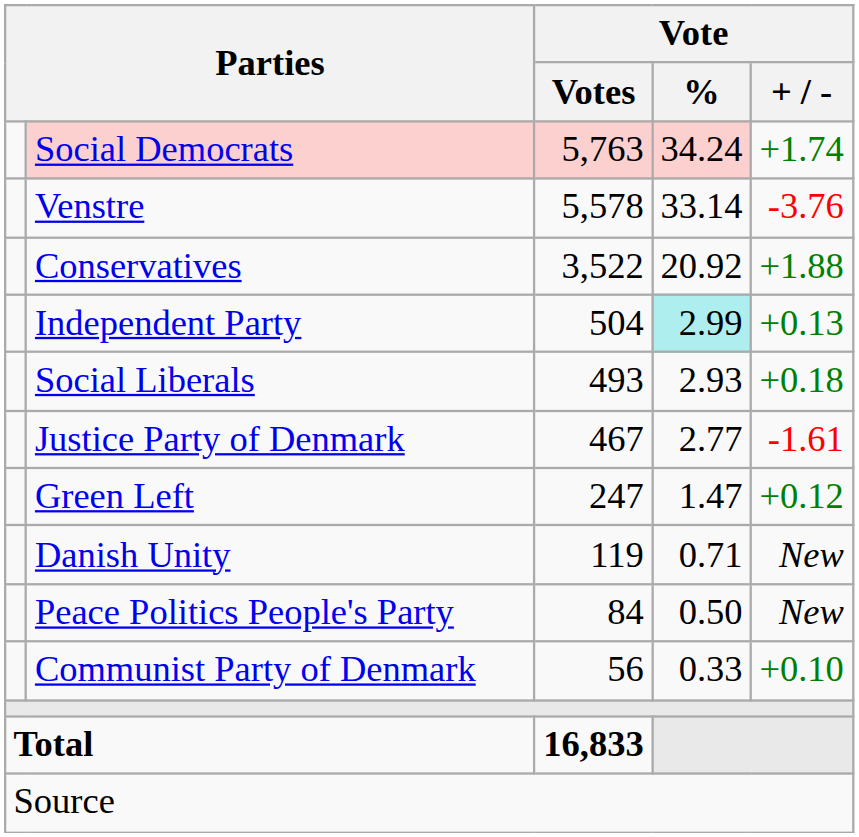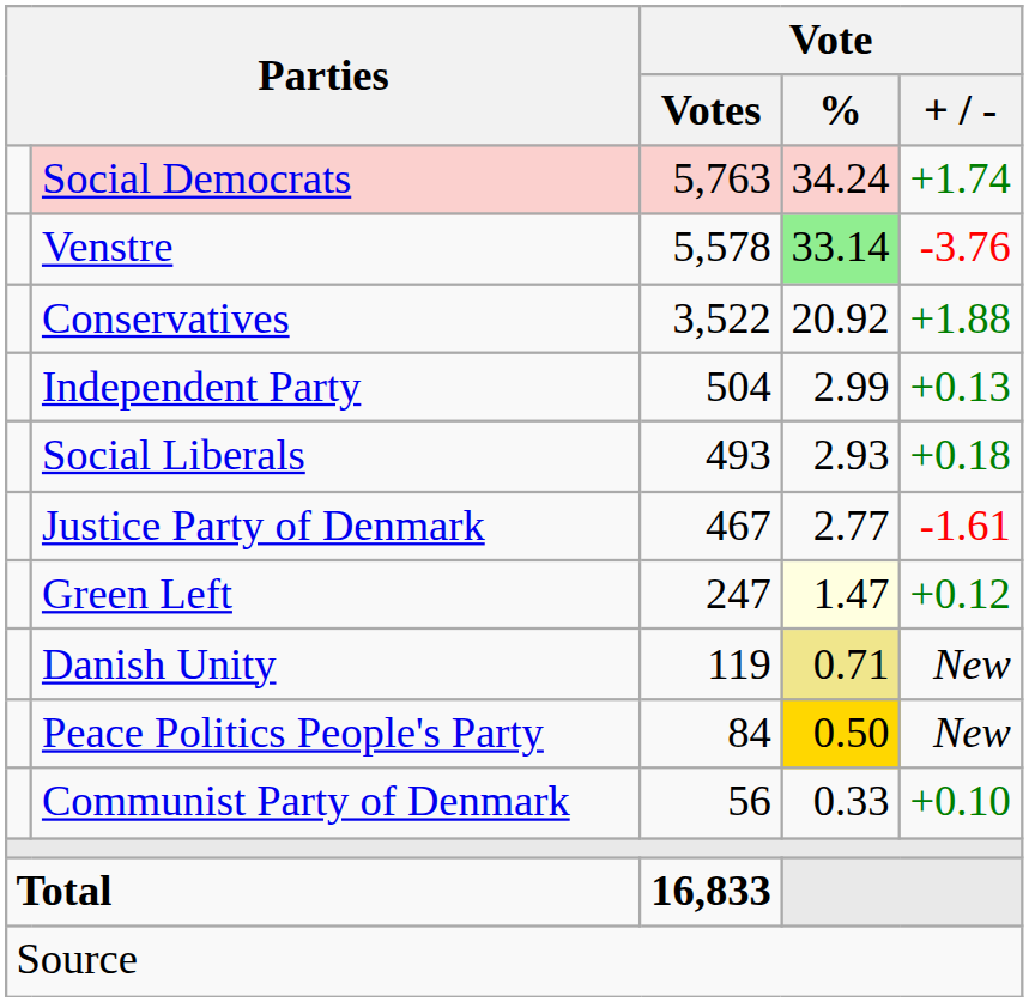 <table class="wikitable" style="text-align:right;">
 <tr>
 <th style="text-align:centre;" rowspan="2" colspan="2" width="225">Parties</th>
 <th colspan="3">Vote</th>
 </tr>
 <tr>
 <th width="15">Votes</th>
 <th width="15">%</th>
 <th width="15">+ / -</th>
 </tr>
 <tr>
 <td width="2" style="color:inherit;background:"></td>
 <td bgcolor=#fbd0ce  align="left"><a href='#'>Social Democrats</a></td>
 <td bgcolor=#fbd0ce>5,763</td>
 <td bgcolor=#fbd0ce>34.24</td>
 <td style=color:green;>+1.74</td>
 </tr>
 <tr>
 <td width="2" style="color:inherit;background:"></td>
 <td align="left"><a href='#'>Venstre</a></td>
 <td>5,578</td>
-<td>33.14</td>
+<td style="background: lightgreen;">33.14</td>
 <td style=color:red;>-3.76</td>
 </tr>
 <tr>
 <td width="2" style="color:inherit;background:"></td>
 <td align="left"><a href='#'>Conservatives</a></td>
 <td>3,522</td>
 <td>20.92</td>
 <td style=color:green;>+1.88</td>
 </tr>
 <tr>
 <td width="2" style="color:inherit;background:"></td>
 <td align="left"><a href='#'>Independent Party</a></td>
 <td>504</td>
-<td style="background: paleturquoise;">2.99</td>
+<td>2.99</td>
 <td style=color:green;>+0.13</td>
 </tr>
 <tr>
 <td width="2" style="color:inherit;background:"></td>
 <td align="left"><a href='#'>Social Liberals</a></td>
 <td>493</td>
 <td>2.93</td>
 <td style=color:green;>+0.18</td>
 </tr>
 <tr>
 <td width="2" style="color:inherit;background:"></td>
 <td align="left"><a href='#'>Justice Party of Denmark</a></td>
 <td>467</td>
 <td>2.77</td>
 <td style=color:red;>-1.61</td>
 </tr>
 <tr>
 <td width="2" style="color:inherit;background:"></td>
 <td align="left"><a href='#'>Green Left</a></td>
 <td>247</td>
-<td>1.47</td>
+<td style="background: lightyellow;">1.47</td>
 <td style=color:green;>+0.12</td>
 </tr>
 <tr>
 <td width="2" style="color:inherit;background:"></td>
 <td align="left"><a href='#'>Danish Unity</a></td>
 <td>119</td>
-<td>0.71</td>
+<td style="background: khaki;">0.71</td>
 <td><em>New</em></td>
 </tr>
 <tr>
 <td width="2" style="color:inherit;background:"></td>
 <td align="left"><a href='#'>Peace Politics People's Party</a></td>
 <td>84</td>
-<td>0.50</td>
+<td style="background: gold;">0.50</td>
 <td><em>New</em></td>
 </tr>
 <tr>
 <td width="2" style="color:inherit;background:"></td>
 <td align="left"><a href='#'>Communist Party of Denmark</a></td>
 <td>56</td>
 <td>0.33</td>
 <td style=color:green;>+0.10</td>
 </tr>
 <tr>
 <td colspan="7" bgcolor="#E9E9E9"></td>
 </tr>
 <tr>
 <td align="left" colspan="2"><strong>Total</strong></td>
 <td><strong>16,833</strong></td>
 <td bgcolor="#E9E9E9" colspan="2"></td>
 </tr>
 <tr>
 <td align="left" colspan="6">Source</td>
 </tr>
 </table>
